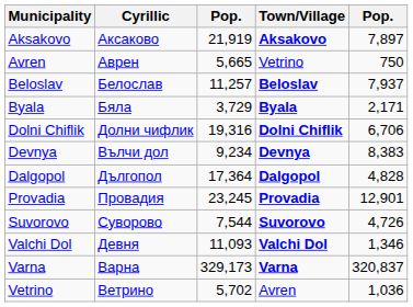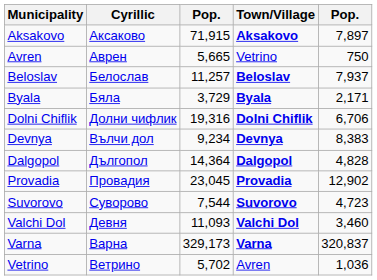 <table class="wikitable sortable">
 <tr>
 <th>Municipality</th>
 <th>Cyrillic</th>
 <th>Pop.</th>
 <th>Town/Village</th>
 <th>Pop.</th>
 </tr>
 <tr>
 <td><a href='#'>Aksakovo</a></td>
 <td><a href='#'>Аксаково</a></td>
-<td align="right">21,919</td>
+<td align="right">71,915</td>
 <td><strong><a href='#'>Aksakovo</a></strong></td>
 <td align="right">7,897</td>
 </tr>
 <tr>
 <td><a href='#'>Avren</a></td>
 <td><a href='#'>Аврен</a></td>
 <td align="right">5,665</td>
 <td><a href='#'>Vetrino</a></td>
 <td align="right">750</td>
 </tr>
 <tr>
 <td><a href='#'>Beloslav</a></td>
 <td><a href='#'>Белослав</a></td>
 <td align="right">11,257</td>
 <td><strong><a href='#'>Beloslav</a></strong></td>
 <td align="right">7,937</td>
 </tr>
 <tr>
 <td><a href='#'>Byala</a></td>
 <td><a href='#'>Бяла</a></td>
 <td align="right">3,729</td>
 <td><strong><a href='#'>Byala</a></strong></td>
 <td align="right">2,171</td>
 </tr>
 <tr>
 <td><a href='#'>Dolni Chiflik</a></td>
 <td><a href='#'>Долни чифлик</a></td>
 <td align="right">19,316</td>
 <td><strong><a href='#'>Dolni Chiflik</a></strong></td>
 <td align="right">6,706</td>
 </tr>
 <tr>
 <td><a href='#'>Devnya</a></td>
 <td><a href='#'>Вълчи дол</a></td>
 <td align="right">9,234</td>
 <td><strong><a href='#'>Devnya</a></strong></td>
 <td align="right">8,383</td>
 </tr>
 <tr>
 <td><a href='#'>Dalgopol</a></td>
 <td><a href='#'>Дългопол</a></td>
-<td align="right">17,364</td>
+<td align="right">14,364</td>
 <td><strong><a href='#'>Dalgopol</a></strong></td>
 <td align="right">4,828</td>
 </tr>
 <tr>
 <td><a href='#'>Provadia</a></td>
 <td><a href='#'>Провадия</a></td>
-<td align="right">23,245</td>
+<td align="right">23,045</td>
 <td><strong><a href='#'>Provadia</a></strong></td>
-<td align="right">12,901</td>
+<td align="right">12,902</td>
 </tr>
 <tr>
 <td><a href='#'>Suvorovo</a></td>
 <td><a href='#'>Суворово</a></td>
 <td align="right">7,544</td>
 <td><strong><a href='#'>Suvorovo</a></strong></td>
-<td align="right">4,726</td>
+<td align="right">4,723</td>
 </tr>
 <tr>
 <td><a href='#'>Valchi Dol</a></td>
 <td><a href='#'>Девня</a></td>
 <td align="right">11,093</td>
 <td><strong><a href='#'>Valchi Dol</a></strong></td>
-<td align="right">1,346</td>
+<td align="right">3,460</td>
 </tr>
 <tr>
 <td><a href='#'>Varna</a></td>
 <td><a href='#'>Варна</a></td>
 <td align="right">329,173</td>
 <td><strong><a href='#'>Varna</a></strong></td>
 <td align="right">320,837</td>
 </tr>
 <tr>
 <td><a href='#'>Vetrino</a></td>
 <td><a href='#'>Ветрино</a></td>
 <td align="right">5,702</td>
 <td><a href='#'>Avren</a></td>
 <td align="right">1,036</td>
 </tr>
 </table>
